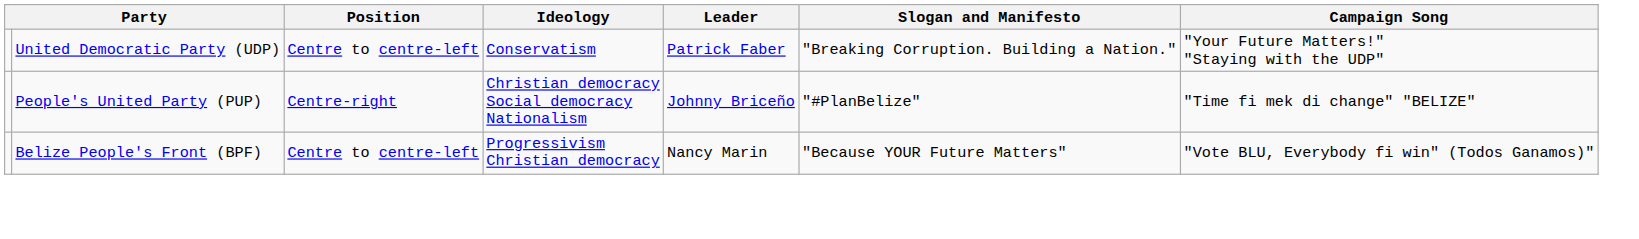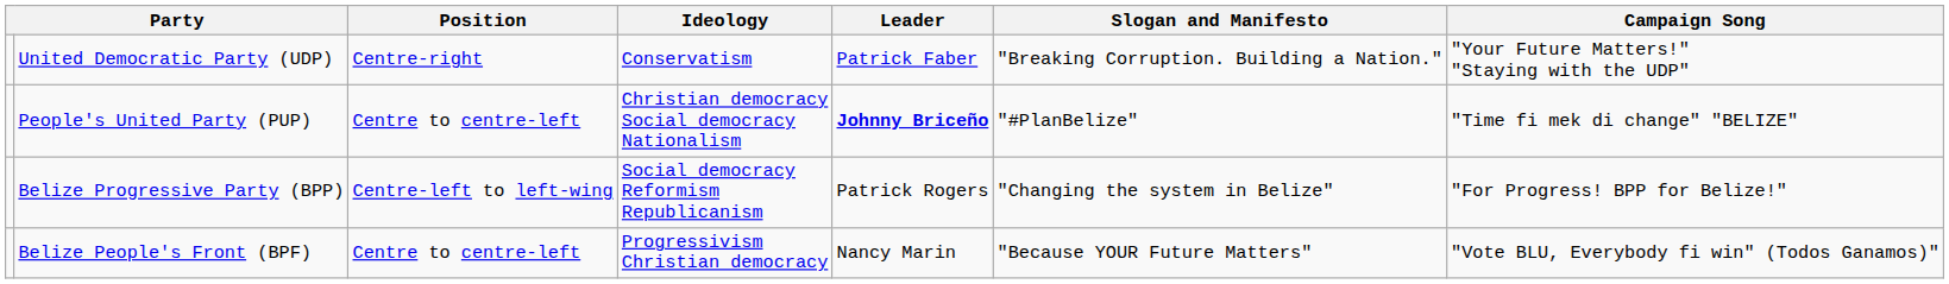 <table class="wikitable sortable">
 <tr>
 <th colspan="2">Party</th>
 <th>Position</th>
 <th>Ideology</th>
 <th>Leader<br></th>
 <th>Slogan and Manifesto</th>
 <th>Campaign Song</th>
 </tr>
 <tr>
 <td></td>
 <td><a href='#'>United Democratic Party</a> (UDP)</td>
-<td><a href='#'>Centre</a> to <a href='#'>centre-left</a></td>
+<td><a href='#'>Centre-right</a></td>
 <td><a href='#'>Conservatism</a></td>
 <td><a href='#'>Patrick Faber</a><br></td>
 <td>"Breaking Corruption. Building a Nation."</td>
 <td>"Your Future Matters!"<br>"Staying with the UDP" </td>
 </tr>
 <tr>
 <td></td>
 <td><a href='#'>People's United Party</a> (PUP)</td>
-<td><a href='#'>Centre-right</a></td>
+<td><a href='#'>Centre</a> to <a href='#'>centre-left</a></td>
 <td><a href='#'>Christian democracy</a><br><a href='#'>Social democracy</a><br><a href='#'>Nationalism</a></td>
-<td><a href='#'>Johnny Briceño</a><br></td>
+<td><strong><a href='#'>Johnny Briceño</a><br></strong></td>
 <td>"#PlanBelize"</td>
 <td>"Time fi mek di change" "BELIZE" </td>
+</tr>
+<tr>
+<td></td>
+<td><a href='#'>Belize Progressive Party</a> (BPP)</td>
+<td><a href='#'>Centre-left</a> to <a href='#'>left-wing</a></td>
+<td><a href='#'>Social democracy</a><br><a href='#'>Reformism</a><br><a href='#'>Republicanism</a></td>
+<td>Patrick Rogers<br></td>
+<td>"Changing the system in Belize"</td>
+<td>"For Progress! BPP for Belize!" </td>
 </tr>
 <tr>
 <td></td>
 <td><a href='#'>Belize People's Front</a> (BPF)</td>
 <td><a href='#'>Centre</a> to <a href='#'>centre-left</a></td>
 <td><a href='#'>Progressivism</a><br><a href='#'>Christian democracy</a></td>
 <td>Nancy Marin<br></td>
 <td>"Because YOUR Future Matters"</td>
 <td>"Vote BLU, Everybody fi win" (Todos Ganamos)"</td>
 </tr>
 </table>
